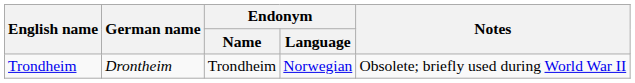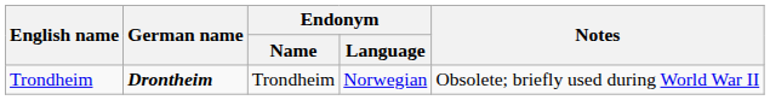 <table class="wikitable sortable mw-collapsible">
 <tr>
 <th rowspan="2">English name</th>
 <th rowspan="2">German name</th>
 <th colspan="2">Endonym</th>
 <th rowspan="2">Notes</th>
 </tr>
 <tr>
 <th>Name</th>
 <th>Language</th>
 </tr>
 <tr>
 <td><a href='#'>Trondheim</a></td>
-<td><em>Drontheim</em></td>
+<td><strong><em>Drontheim</em></strong></td>
 <td>Trondheim</td>
 <td><a href='#'>Norwegian</a></td>
 <td>Obsolete; briefly used during <a href='#'>World War II</a></td>
 </tr>
 </table>
